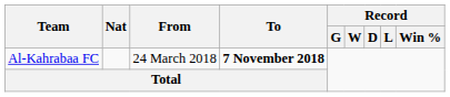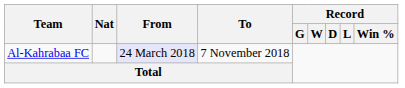 <table class="wikitable" style="text-align: center">
 <tr>
 <th rowspan="2">Team</th>
 <th rowspan="2">Nat</th>
 <th rowspan="2">From</th>
 <th rowspan="2">To</th>
 <th colspan="5">Record</th>
 </tr>
 <tr>
 <th>G</th>
 <th>W</th>
 <th>D</th>
 <th>L</th>
 <th>Win %</th>
 </tr>
 <tr>
 <td align=left><a href='#'>Al-Kahrabaa FC</a></td>
 <td></td>
-<td align=left>24 March 2018</td>
-<td align=left><strong>7 November 2018<br></strong></td>
+<td align=left style="background: lavender;">24 March 2018</td>
+<td align=left>7 November 2018<br></td>
 </tr>
 <tr>
 <th colspan="4" align="center" valign=middle>Total<br></th>
 </tr>
 </table>
